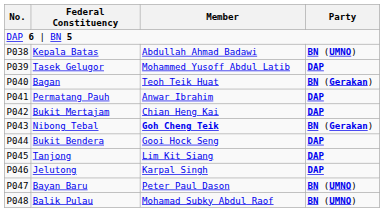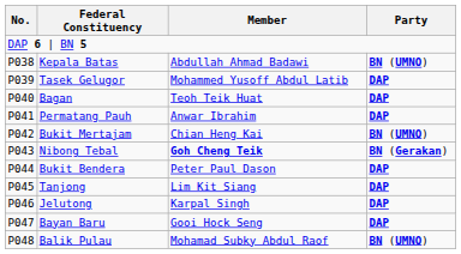 <table class="wikitable sortable">
 <tr>
 <th style="width:30px;">No.</th>
 <th style="width:150px;">Federal Constituency</th>
 <th style="width:230px;">Member</th>
 <th style="width:100px;">Party</th>
 </tr>
 <tr>
 <td colspan="4"><a href='#'>DAP</a> <strong>6</strong> | <a href='#'>BN</a> <strong>5</strong></td>
 </tr>
 <tr>
 <td>P038</td>
 <td><a href='#'>Kepala Batas</a></td>
 <td><a href='#'>Abdullah Ahmad Badawi</a></td>
 <td><strong><a href='#'>BN</a></strong> (<strong><a href='#'>UMNO</a></strong>)</td>
 </tr>
 <tr>
 <td>P039</td>
 <td><a href='#'>Tasek Gelugor</a></td>
 <td><a href='#'>Mohammed Yusoff Abdul Latib</a></td>
 <td><strong><a href='#'>DAP</a></strong></td>
 </tr>
 <tr>
 <td>P040</td>
 <td><a href='#'>Bagan</a></td>
 <td><a href='#'>Teoh Teik Huat</a></td>
-<td><strong><a href='#'>BN</a></strong> (<strong><a href='#'>Gerakan</a></strong>)</td>
+<td><strong><a href='#'>DAP</a></strong></td>
 </tr>
 <tr>
 <td>P041</td>
 <td><a href='#'>Permatang Pauh</a></td>
 <td><a href='#'>Anwar Ibrahim</a></td>
 <td><strong><a href='#'>DAP</a></strong></td>
 </tr>
 <tr>
 <td>P042</td>
 <td><a href='#'>Bukit Mertajam</a></td>
 <td><a href='#'>Chian Heng Kai</a></td>
-<td><strong><a href='#'>DAP</a></strong></td>
+<td><strong><a href='#'>BN</a></strong> (<strong><a href='#'>UMNO</a></strong>)</td>
 </tr>
 <tr>
 <td>P043</td>
 <td><a href='#'>Nibong Tebal</a></td>
 <td><strong><a href='#'>Goh Cheng Teik</a></strong></td>
 <td><strong><a href='#'>BN</a></strong> (<strong><a href='#'>Gerakan</a></strong>)</td>
 </tr>
 <tr>
 <td>P044</td>
 <td><a href='#'>Bukit Bendera</a></td>
-<td><a href='#'>Gooi Hock Seng</a></td>
+<td><a href='#'>Peter Paul Dason</a></td>
 <td><strong><a href='#'>DAP</a></strong></td>
 </tr>
 <tr>
 <td>P045</td>
 <td><a href='#'>Tanjong</a></td>
 <td><a href='#'>Lim Kit Siang</a></td>
 <td><strong><a href='#'>DAP</a></strong></td>
 </tr>
 <tr>
 <td>P046</td>
 <td><a href='#'>Jelutong</a></td>
 <td><a href='#'>Karpal Singh</a></td>
 <td><strong><a href='#'>DAP</a></strong></td>
 </tr>
 <tr>
 <td>P047</td>
 <td><a href='#'>Bayan Baru</a></td>
-<td><a href='#'>Peter Paul Dason</a></td>
-<td><strong><a href='#'>BN</a></strong> (<strong><a href='#'>UMNO</a></strong>)</td>
+<td><a href='#'>Gooi Hock Seng</a></td>
+<td><strong><a href='#'>DAP</a></strong></td>
 </tr>
 <tr>
 <td>P048</td>
 <td><a href='#'>Balik Pulau</a></td>
 <td><a href='#'>Mohamad Subky Abdul Raof</a></td>
 <td><strong><a href='#'>BN</a></strong> (<strong><a href='#'>UMNO</a></strong>)</td>
 </tr>
 </table>
